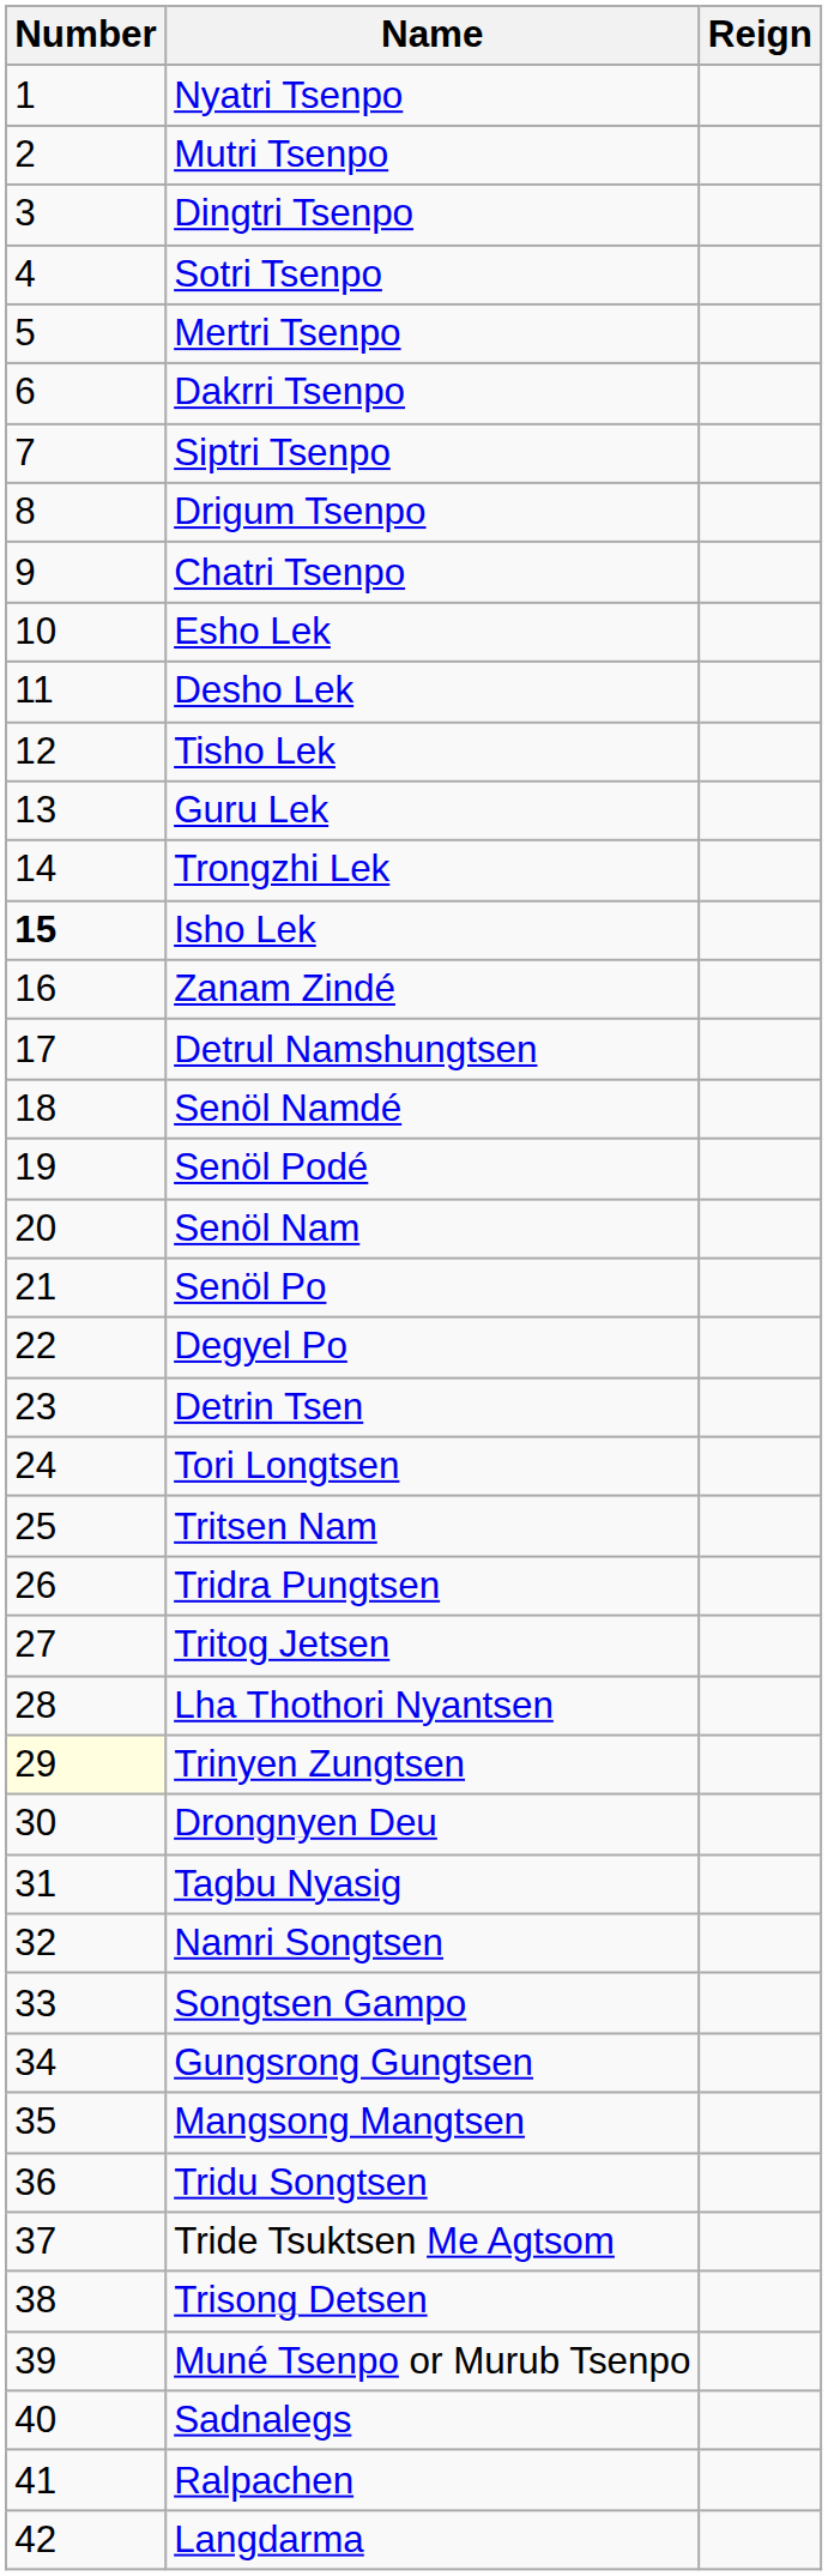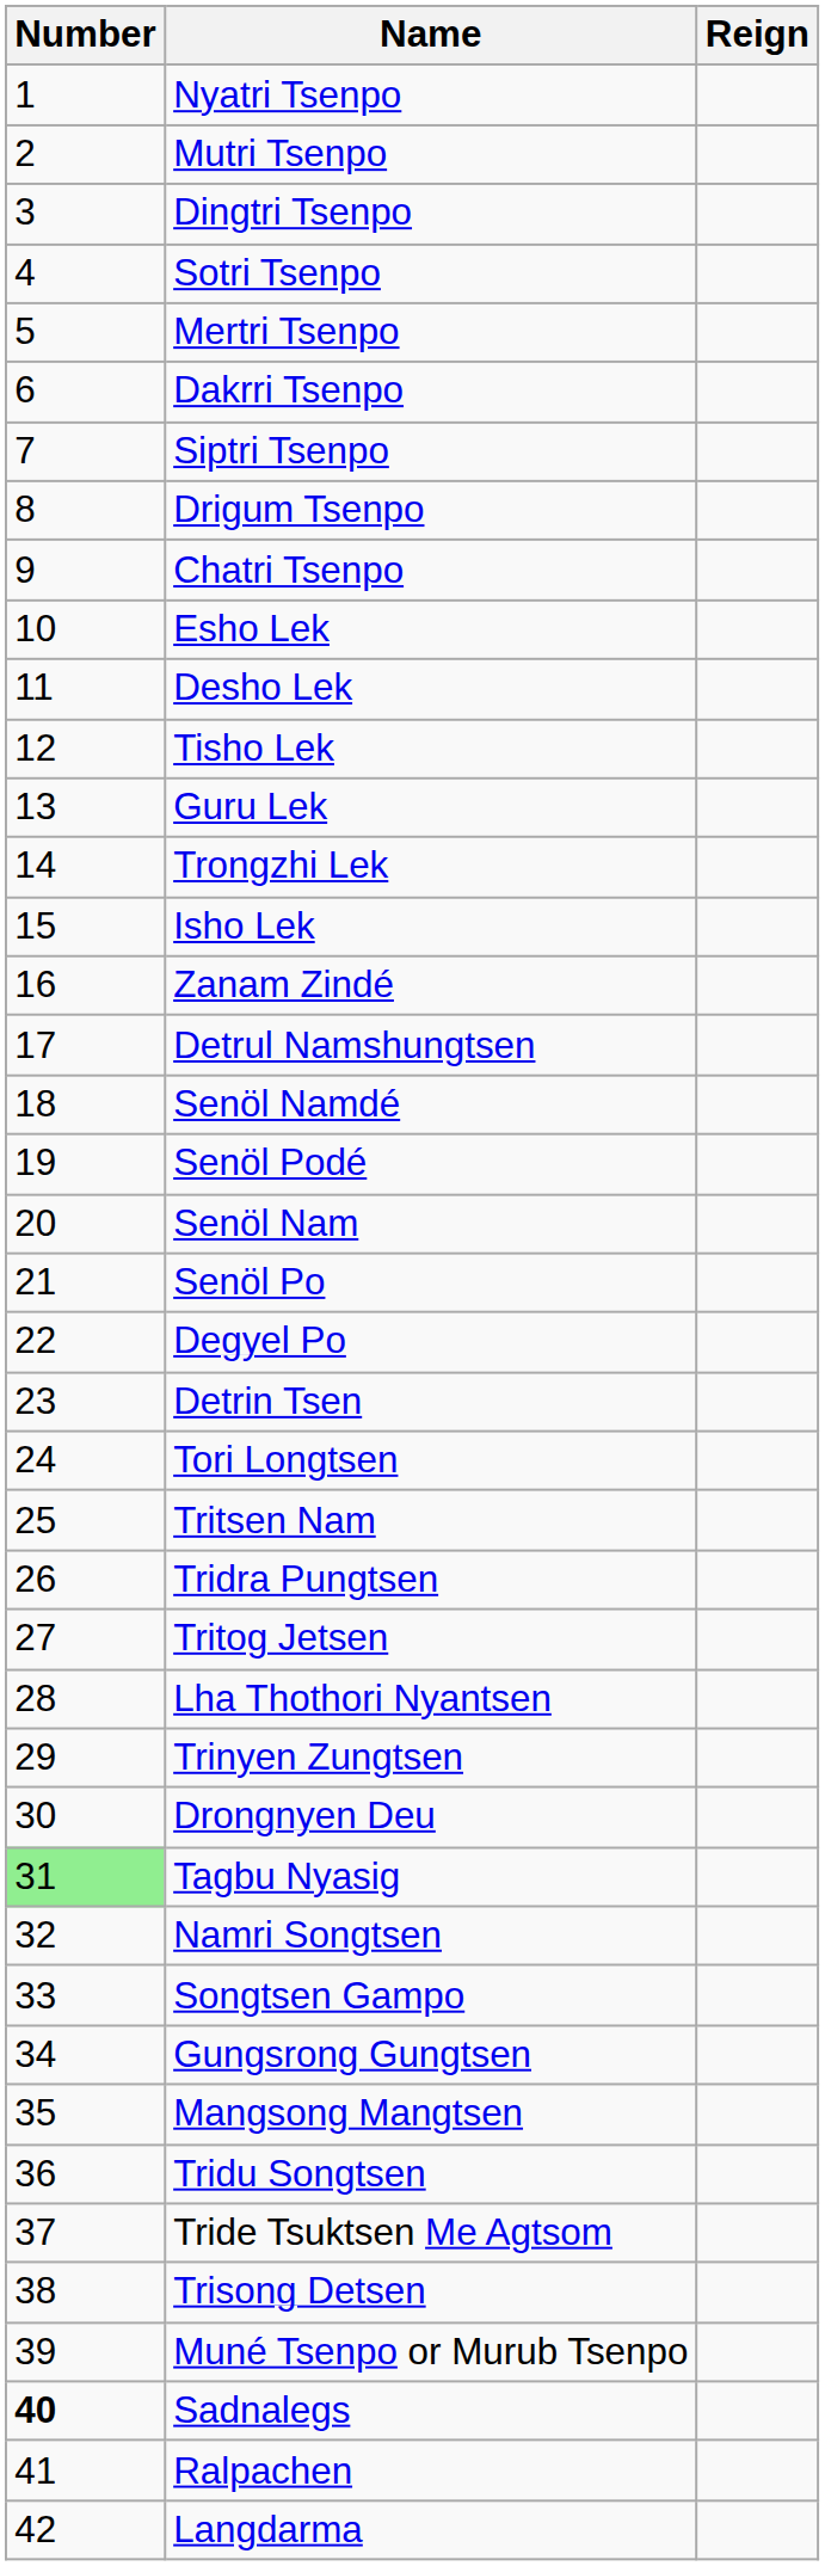 <table class="wikitable">
 <tr ---->
 <th>Number</th>
 <th>Name</th>
 <th>Reign</th>
 </tr>
 <tr ---->
 <td>1</td>
 <td><a href='#'>Nyatri Tsenpo</a></td>
 <td></td>
 </tr>
 <tr ---->
 <td>2</td>
 <td><a href='#'>Mutri Tsenpo</a></td>
 <td></td>
 </tr>
 <tr ---->
 <td>3</td>
 <td><a href='#'>Dingtri Tsenpo</a></td>
 <td></td>
 </tr>
 <tr ---->
 <td>4</td>
 <td><a href='#'>Sotri Tsenpo</a></td>
 <td></td>
 </tr>
 <tr ---->
 <td>5</td>
 <td><a href='#'>Mertri Tsenpo</a></td>
 <td></td>
 </tr>
 <tr ---->
 <td>6</td>
 <td><a href='#'>Dakrri Tsenpo</a></td>
 <td></td>
 </tr>
 <tr ---->
 <td>7</td>
 <td><a href='#'>Siptri Tsenpo</a></td>
 <td></td>
 </tr>
 <tr ---->
 <td>8</td>
 <td><a href='#'>Drigum Tsenpo</a></td>
 <td></td>
 </tr>
 <tr ---->
 <td>9</td>
 <td><a href='#'>Chatri Tsenpo</a></td>
 <td></td>
 </tr>
 <tr ---->
 <td>10</td>
 <td><a href='#'>Esho Lek</a></td>
 <td></td>
 </tr>
 <tr ---->
 <td>11</td>
 <td><a href='#'>Desho Lek</a></td>
 <td></td>
 </tr>
 <tr ---->
 <td>12</td>
 <td><a href='#'>Tisho Lek</a></td>
 <td></td>
 </tr>
 <tr ---->
 <td>13</td>
 <td><a href='#'>Guru Lek</a></td>
 <td></td>
 </tr>
 <tr ---->
 <td>14</td>
 <td><a href='#'>Trongzhi Lek</a></td>
 <td></td>
 </tr>
 <tr ---->
-<td><strong>15</strong></td>
+<td>15</td>
 <td><a href='#'>Isho Lek</a></td>
 <td></td>
 </tr>
 <tr ---->
 <td>16</td>
 <td><a href='#'>Zanam Zindé</a></td>
 <td></td>
 </tr>
 <tr ---->
 <td>17</td>
 <td><a href='#'>Detrul Namshungtsen</a></td>
 <td></td>
 </tr>
 <tr ---->
 <td>18</td>
 <td><a href='#'>Senöl Namdé</a></td>
 <td></td>
 </tr>
 <tr ---->
 <td>19</td>
 <td><a href='#'>Senöl Podé</a></td>
 <td></td>
 </tr>
 <tr ---->
 <td>20</td>
 <td><a href='#'>Senöl Nam</a></td>
 <td></td>
 </tr>
 <tr ---->
 <td>21</td>
 <td><a href='#'>Senöl Po</a></td>
 <td></td>
 </tr>
 <tr ---->
 <td>22</td>
 <td><a href='#'>Degyel Po</a></td>
 <td></td>
 </tr>
 <tr ---->
 <td>23</td>
 <td><a href='#'>Detrin Tsen</a></td>
 <td></td>
 </tr>
 <tr ---->
 <td>24</td>
 <td><a href='#'>Tori Longtsen</a></td>
 <td></td>
 </tr>
 <tr ---->
 <td>25</td>
 <td><a href='#'>Tritsen Nam</a></td>
 <td></td>
 </tr>
 <tr ---->
 <td>26</td>
 <td><a href='#'>Tridra Pungtsen</a></td>
 <td></td>
 </tr>
 <tr ---->
 <td>27</td>
 <td><a href='#'>Tritog Jetsen</a></td>
 <td></td>
 </tr>
 <tr ---->
 <td>28</td>
 <td><a href='#'>Lha Thothori Nyantsen</a></td>
 <td></td>
 </tr>
 <tr ---->
-<td style="background: lightyellow;">29</td>
+<td>29</td>
 <td><a href='#'>Trinyen Zungtsen</a></td>
 <td></td>
 </tr>
 <tr ---->
 <td>30</td>
 <td><a href='#'>Drongnyen Deu</a></td>
 <td></td>
 </tr>
 <tr ---->
-<td>31</td>
+<td style="background: lightgreen;">31</td>
 <td><a href='#'>Tagbu Nyasig</a></td>
 <td></td>
 </tr>
 <tr ---->
 <td>32</td>
 <td><a href='#'>Namri Songtsen</a></td>
 <td></td>
 </tr>
 <tr ---->
 <td>33</td>
 <td><a href='#'>Songtsen Gampo</a></td>
 <td></td>
 </tr>
 <tr ---->
 <td>34</td>
 <td><a href='#'>Gungsrong Gungtsen</a></td>
 <td></td>
 </tr>
 <tr ---->
 <td>35</td>
 <td><a href='#'>Mangsong Mangtsen</a></td>
 <td></td>
 </tr>
 <tr ---->
 <td>36</td>
 <td><a href='#'>Tridu Songtsen</a></td>
 <td></td>
 </tr>
 <tr ---->
 <td>37</td>
 <td>Tride Tsuktsen <a href='#'>Me Agtsom</a></td>
 <td></td>
 </tr>
 <tr ---->
 <td>38</td>
 <td><a href='#'>Trisong Detsen</a></td>
 <td></td>
 </tr>
 <tr ---->
 <td>39</td>
 <td><a href='#'>Muné Tsenpo</a> or Murub Tsenpo</td>
 <td></td>
 </tr>
 <tr ---->
-<td>40</td>
+<td><strong>40</strong></td>
 <td><a href='#'>Sadnalegs</a></td>
 <td></td>
 </tr>
 <tr ---->
 <td>41</td>
 <td><a href='#'>Ralpachen</a></td>
 <td></td>
 </tr>
 <tr ---->
 <td>42</td>
 <td><a href='#'>Langdarma</a></td>
 <td><br></td>
 </tr>
 </table>
